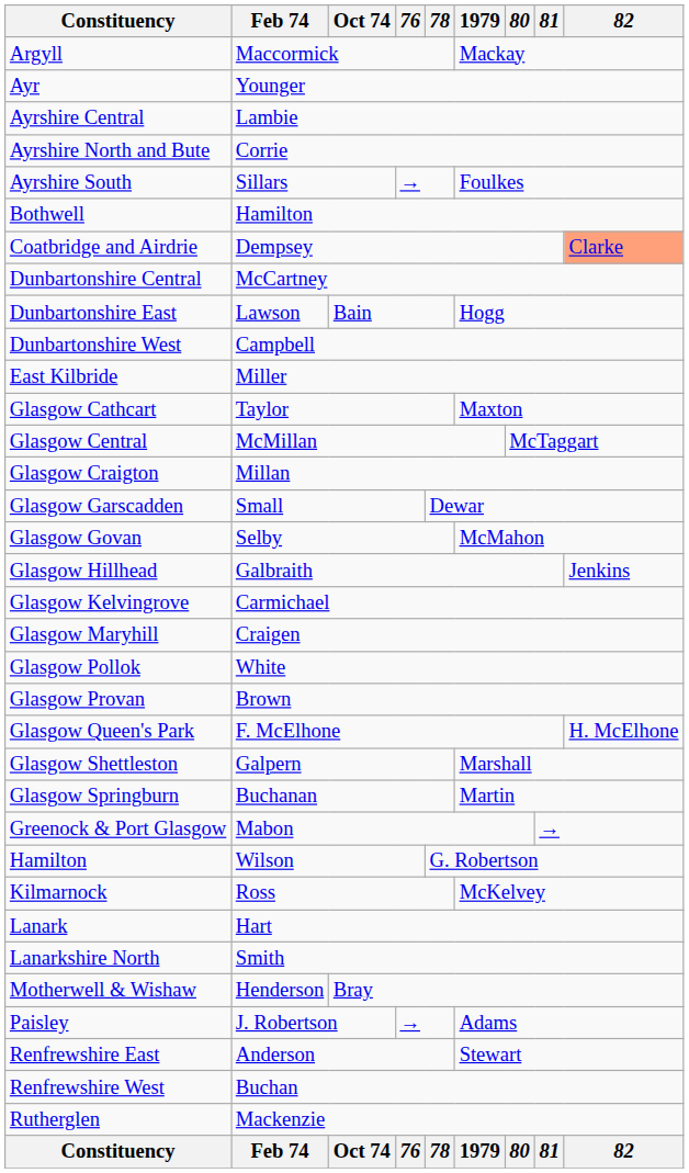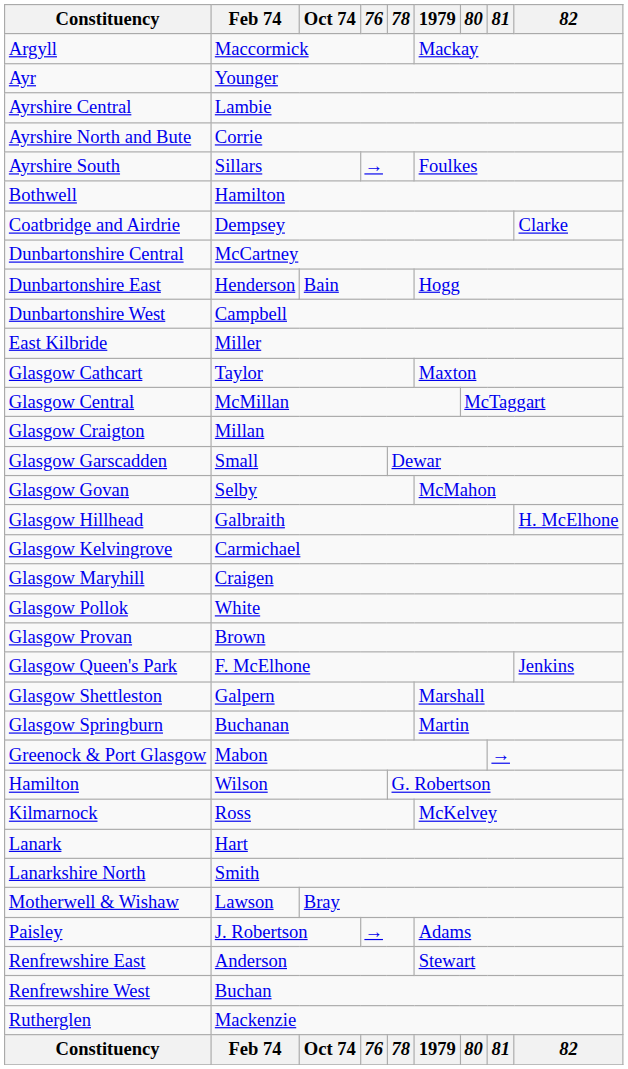 <table class="wikitable">
 <tr>
 <th>Constituency</th>
 <th>Feb 74</th>
 <th>Oct 74</th>
 <th><em>76</em></th>
 <th><em>78</em></th>
 <th>1979</th>
 <th><em>80</em></th>
 <th><em>81</em></th>
 <th><em>82</em></th>
 </tr>
 <tr>
 <td><a href='#'>Argyll</a></td>
 <td colspan="4"><a href='#'>Maccormick</a></td>
 <td colspan="4"><a href='#'>Mackay</a></td>
 </tr>
 <tr>
 <td><a href='#'>Ayr</a></td>
 <td colspan="8"><a href='#'>Younger</a></td>
 </tr>
 <tr>
 <td><a href='#'>Ayrshire Central</a></td>
 <td colspan="8"><a href='#'>Lambie</a></td>
 </tr>
 <tr>
 <td><a href='#'>Ayrshire North and Bute</a></td>
 <td colspan="8"><a href='#'>Corrie</a></td>
 </tr>
 <tr>
 <td><a href='#'>Ayrshire South</a></td>
 <td colspan="2"><a href='#'>Sillars</a></td>
 <td colspan="2"><a href='#'>→</a></td>
 <td colspan="4"><a href='#'>Foulkes</a></td>
 </tr>
 <tr>
 <td><a href='#'>Bothwell</a></td>
 <td colspan="8"><a href='#'>Hamilton</a></td>
 </tr>
 <tr>
 <td><a href='#'>Coatbridge and Airdrie</a></td>
 <td colspan="7"><a href='#'>Dempsey</a></td>
-<td style="background: lightsalmon;"><a href='#'>Clarke</a></td>
+<td><a href='#'>Clarke</a></td>
 </tr>
 <tr>
 <td><a href='#'>Dunbartonshire Central</a></td>
 <td colspan="8"><a href='#'>McCartney</a></td>
 </tr>
 <tr>
 <td><a href='#'>Dunbartonshire East</a></td>
-<td><a href='#'>Lawson</a></td>
+<td><a href='#'>Henderson</a></td>
 <td colspan="3"><a href='#'>Bain</a></td>
 <td colspan="4"><a href='#'>Hogg</a></td>
 </tr>
 <tr>
 <td><a href='#'>Dunbartonshire West</a></td>
 <td colspan="8"><a href='#'>Campbell</a></td>
 </tr>
 <tr>
 <td><a href='#'>East Kilbride</a></td>
 <td colspan="8"><a href='#'>Miller</a></td>
 </tr>
 <tr>
 <td><a href='#'>Glasgow Cathcart</a></td>
 <td colspan="4"><a href='#'>Taylor</a></td>
 <td colspan="4"><a href='#'>Maxton</a></td>
 </tr>
 <tr>
 <td><a href='#'>Glasgow Central</a></td>
 <td colspan="5"><a href='#'>McMillan</a></td>
 <td colspan="3"><a href='#'>McTaggart</a></td>
 </tr>
 <tr>
 <td><a href='#'>Glasgow Craigton</a></td>
 <td colspan="8"><a href='#'>Millan</a></td>
 </tr>
 <tr>
 <td><a href='#'>Glasgow Garscadden</a></td>
 <td colspan="3"><a href='#'>Small</a></td>
 <td colspan="5"><a href='#'>Dewar</a></td>
 </tr>
 <tr>
 <td><a href='#'>Glasgow Govan</a></td>
 <td colspan="4"><a href='#'>Selby</a></td>
 <td colspan="4"><a href='#'>McMahon</a></td>
 </tr>
 <tr>
 <td><a href='#'>Glasgow Hillhead</a></td>
 <td colspan="7"><a href='#'>Galbraith</a></td>
-<td><a href='#'>Jenkins</a></td>
+<td><a href='#'>H. McElhone</a></td>
 </tr>
 <tr>
 <td><a href='#'>Glasgow Kelvingrove</a></td>
 <td colspan="8"><a href='#'>Carmichael</a></td>
 </tr>
 <tr>
 <td><a href='#'>Glasgow Maryhill</a></td>
 <td colspan="8"><a href='#'>Craigen</a></td>
 </tr>
 <tr>
 <td><a href='#'>Glasgow Pollok</a></td>
 <td colspan="8"><a href='#'>White</a></td>
 </tr>
 <tr>
 <td><a href='#'>Glasgow Provan</a></td>
 <td colspan="8"><a href='#'>Brown</a></td>
 </tr>
 <tr>
 <td><a href='#'>Glasgow Queen's Park</a></td>
 <td colspan="7"><a href='#'>F. McElhone</a></td>
-<td><a href='#'>H. McElhone</a></td>
+<td><a href='#'>Jenkins</a></td>
 </tr>
 <tr>
 <td><a href='#'>Glasgow Shettleston</a></td>
 <td colspan="4"><a href='#'>Galpern</a></td>
 <td colspan="4"><a href='#'>Marshall</a></td>
 </tr>
 <tr>
 <td><a href='#'>Glasgow Springburn</a></td>
 <td colspan="4"><a href='#'>Buchanan</a></td>
 <td colspan="4"><a href='#'>Martin</a></td>
 </tr>
 <tr>
 <td><a href='#'>Greenock & Port Glasgow</a></td>
 <td colspan="6"><a href='#'>Mabon</a></td>
 <td colspan="2"><a href='#'>→</a></td>
 </tr>
 <tr>
 <td><a href='#'>Hamilton</a></td>
 <td colspan="3"><a href='#'>Wilson</a></td>
 <td colspan="5"><a href='#'>G. Robertson</a></td>
 </tr>
 <tr>
 <td><a href='#'>Kilmarnock</a></td>
 <td colspan="4"><a href='#'>Ross</a></td>
 <td colspan="4"><a href='#'>McKelvey</a></td>
 </tr>
 <tr>
 <td><a href='#'>Lanark</a></td>
 <td colspan="8"><a href='#'>Hart</a></td>
 </tr>
 <tr>
 <td><a href='#'>Lanarkshire North</a></td>
 <td colspan="8"><a href='#'>Smith</a></td>
 </tr>
 <tr>
 <td><a href='#'>Motherwell & Wishaw</a></td>
-<td><a href='#'>Henderson</a></td>
+<td><a href='#'>Lawson</a></td>
 <td colspan="7"><a href='#'>Bray</a></td>
 </tr>
 <tr>
 <td><a href='#'>Paisley</a></td>
 <td colspan="2"><a href='#'>J. Robertson</a></td>
 <td colspan="2"><a href='#'>→</a></td>
 <td colspan="4"><a href='#'>Adams</a></td>
 </tr>
 <tr>
 <td><a href='#'>Renfrewshire East</a></td>
 <td colspan="4"><a href='#'>Anderson</a></td>
 <td colspan="4"><a href='#'>Stewart</a></td>
 </tr>
 <tr>
 <td><a href='#'>Renfrewshire West</a></td>
 <td colspan="8"><a href='#'>Buchan</a></td>
 </tr>
 <tr>
 <td><a href='#'>Rutherglen</a></td>
 <td colspan="8"><a href='#'>Mackenzie</a></td>
 </tr>
 <tr>
 <th>Constituency</th>
 <th>Feb 74</th>
 <th>Oct 74</th>
 <th><em>76</em></th>
 <th><em>78</em></th>
 <th>1979</th>
 <th><em>80</em></th>
 <th><em>81</em></th>
 <th><em>82</em></th>
 </tr>
 </table>
